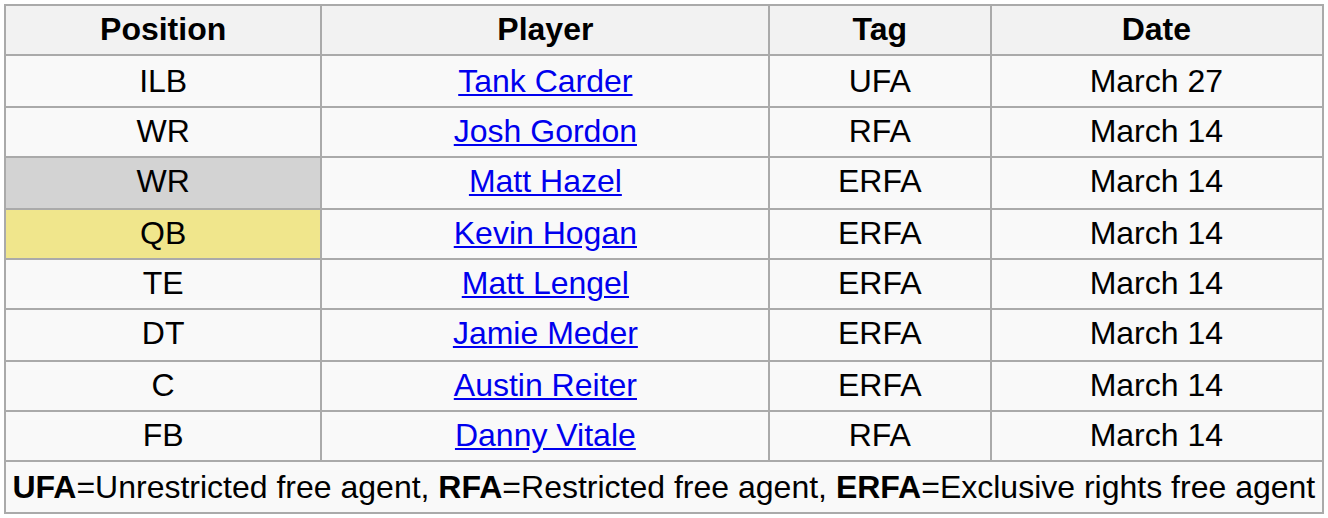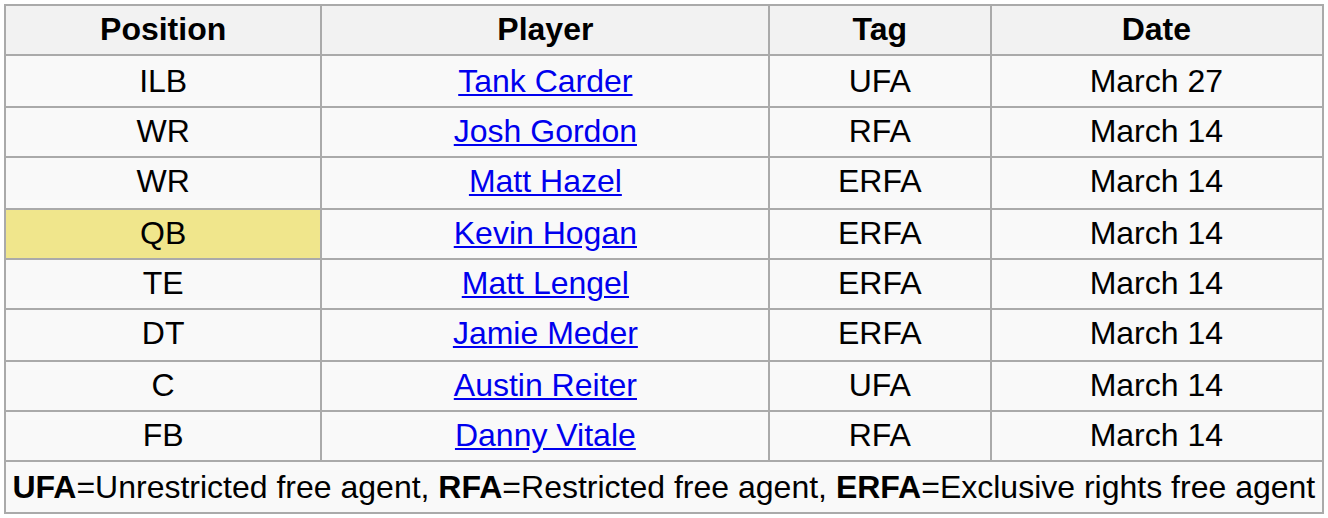 <table class="wikitable" style="text-align:center">
 <tr>
 <th>Position</th>
 <th>Player</th>
 <th>Tag</th>
 <th>Date</th>
 </tr>
 <tr>
 <td>ILB</td>
 <td><a href='#'>Tank Carder</a></td>
 <td>UFA</td>
 <td>March 27</td>
 </tr>
 <tr>
 <td>WR</td>
 <td><a href='#'>Josh Gordon</a></td>
 <td>RFA</td>
 <td>March 14</td>
 </tr>
 <tr>
-<td style="background: lightgrey;">WR</td>
+<td>WR</td>
 <td><a href='#'>Matt Hazel</a></td>
 <td>ERFA</td>
 <td>March 14</td>
 </tr>
 <tr>
 <td style="background: khaki;">QB</td>
 <td><a href='#'>Kevin Hogan</a></td>
 <td>ERFA</td>
 <td>March 14</td>
 </tr>
 <tr>
 <td>TE</td>
 <td><a href='#'>Matt Lengel</a></td>
 <td>ERFA</td>
 <td>March 14</td>
 </tr>
 <tr>
 <td>DT</td>
 <td><a href='#'>Jamie Meder</a></td>
 <td>ERFA</td>
 <td>March 14</td>
 </tr>
 <tr>
 <td>C</td>
 <td><a href='#'>Austin Reiter</a></td>
-<td>ERFA</td>
+<td>UFA</td>
 <td>March 14</td>
 </tr>
 <tr>
 <td>FB</td>
 <td><a href='#'>Danny Vitale</a></td>
 <td>RFA</td>
 <td>March 14</td>
 </tr>
 <tr>
 <td colspan="5"><strong>UFA</strong>=Unrestricted free agent, <strong>RFA</strong>=Restricted free agent, <strong>ERFA</strong>=Exclusive rights free agent</td>
 </tr>
 </table>
